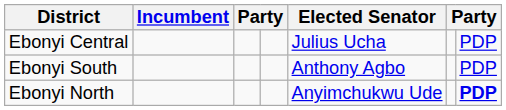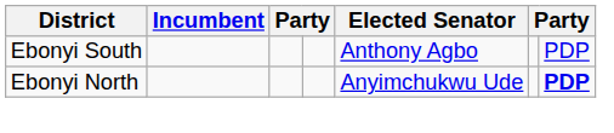 <table class="sortable wikitable" style="font-size:95%;line-height:14px;">
 <tr>
 <th class="unsortable">District</th>
 <th class="unsortable"><a href='#'>Incumbent</a></th>
 <th colspan="2">Party</th>
 <th class="unsortable">Elected Senator</th>
 <th colspan="2">Party</th>
-</tr>
-<tr>
-<td>Ebonyi Central</td>
-<td></td>
-<td></td>
-<td></td>
-<td><a href='#'>Julius Ucha</a></td>
-<td style="background:"></td>
-<td><a href='#'>PDP</a></td>
 </tr>
 <tr>
 <td>Ebonyi South</td>
 <td></td>
 <td></td>
 <td></td>
 <td><a href='#'>Anthony Agbo</a></td>
 <td style="background:"></td>
 <td><a href='#'>PDP</a></td>
 </tr>
 <tr>
 <td>Ebonyi North</td>
 <td></td>
 <td></td>
 <td></td>
 <td><a href='#'>Anyimchukwu Ude</a></td>
 <td style="background:"></td>
 <td><strong><a href='#'>PDP</a></strong></td>
 </tr>
 </table>
